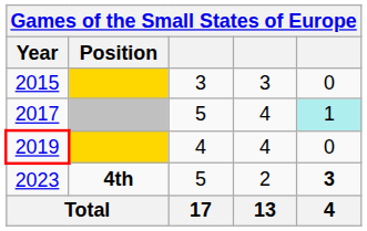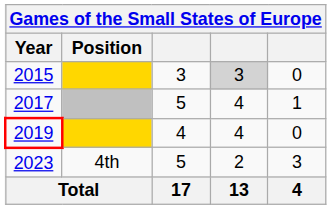 <table class="wikitable" style="text-align: center;font-size:90%;">
 <tr>
 <th colspan=5><a href='#'>Games of the Small States of Europe</a></th>
 </tr>
 <tr>
 <th>Year</th>
 <th>Position</th>
 <th width=40></th>
 <th width=40></th>
 <th width=40></th>
 </tr>
 <tr>
 <td> <a href='#'>2015</a></td>
 <td bgcolor=gold></td>
 <td>3</td>
-<td>3</td>
+<td style="background: lightgrey;">3</td>
 <td>0</td>
 </tr>
 <tr>
 <td> <a href='#'>2017</a></td>
 <td bgcolor=silver></td>
 <td>5</td>
 <td>4</td>
-<td style="background: paleturquoise;">1</td>
+<td>1</td>
 </tr>
 <tr>
 <td style="border: 2px solid red"> <a href='#'>2019</a></td>
 <td bgcolor=gold></td>
 <td>4</td>
 <td>4</td>
 <td>0</td>
 </tr>
 <tr>
 <td> <a href='#'>2023</a></td>
-<td><strong>4th</strong></td>
+<td>4th</td>
 <td>5</td>
 <td>2</td>
-<td><strong>3</strong></td>
+<td>3</td>
 </tr>
 <tr>
 <th colspan=2>Total</th>
 <th>17</th>
 <th>13</th>
 <th>4</th>
 </tr>
 </table>
